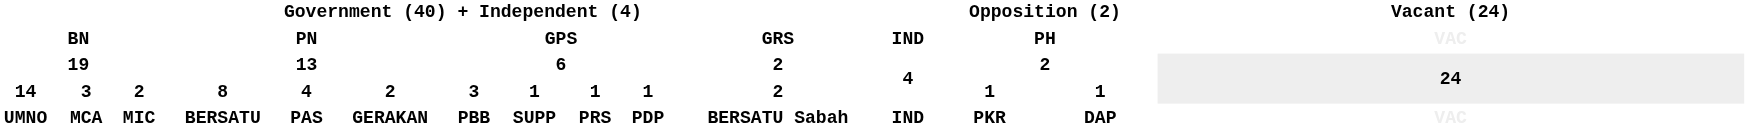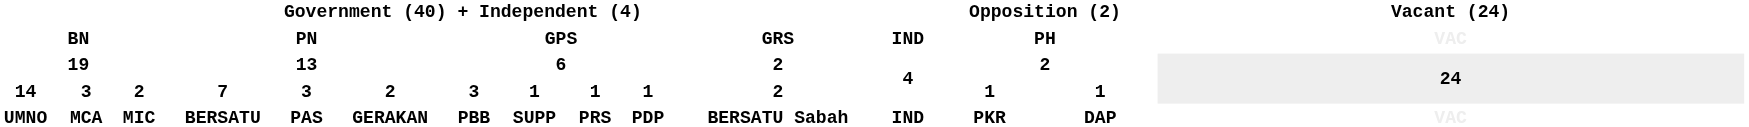 <table style="width:100%; text-align:center;">
 <tr>
 <th colspan="12">Government (40) + Independent (4)</th>
 <th colspan="2">Opposition (2)</th>
 <th>Vacant (24)</th>
 </tr>
 <tr>
 <th colspan="3" align="centre" style="color:">BN</th>
 <th colspan="3" align="centre" style="color:">PN</th>
 <th colspan="4" align="centre" style="color:">GPS</th>
 <th align="centre" style="color:">GRS</th>
 <th align="centre" style="color:"><span>IND</span></th>
 <th colspan="2" align="centre" style="color:">PH</th>
 <th align="centre" style="color:#EEEEEE;">VAC</th>
 </tr>
 <tr>
 <td colspan="3" align="center" style="background:"><strong>19</strong></td>
 <td colspan="3" align="center" style="background:"><strong>13</strong></td>
 <td colspan="4" align="center" style="background:"><strong>6</strong></td>
 <td align="center" style="background:"><strong>2</strong></td>
 <td rowspan="2" align="center" style="background:"><strong>4</strong></td>
 <td colspan="2" align="center" style="background:"><strong>2</strong></td>
 <td rowspan="2" align="center" style="background:#EEEEEE; color:black;width:34.29%;"><strong>24</strong></td>
 </tr>
 <tr>
 <td align="center" style="background:"><strong>14</strong></td>
 <td align="center" style="background:"><strong>3</strong></td>
 <td align="center" style="background:"><strong>2</strong></td>
-<td align="center" style="background:"><strong>8</strong></td>
-<td align="center" style="background:"><strong>4</strong></td>
+<td align="center" style="background:"><strong>7</strong></td>
+<td align="center" style="background:"><strong>3</strong></td>
 <td align="center" style="background:"><strong>2</strong></td>
 <td align="center" style="background:"><strong>3</strong></td>
 <td align="center" style="background:"><strong>1</strong></td>
 <td align="center" style="background:"><strong>1</strong></td>
 <td align="center" style="background:"><strong>1</strong></td>
 <td align="center" style="background:"><strong>2</strong></td>
 <td align="center" style="background:"><strong>1</strong></td>
 <td align="center" style="background:"><strong>1</strong></td>
 </tr>
 <tr>
 <th align="centre" style="color:">UMNO</th>
 <th align="centre" style="color:">MCA</th>
 <th align="centre" style="color:">MIC</th>
 <th align="centre" style="color:">BERSATU</th>
 <th align="centre" style="color:">PAS</th>
 <th align="centre" style="color:">GERAKAN</th>
 <th align="centre" style="color:">PBB</th>
 <th align="centre" style="color:">SUPP</th>
 <th align="centre" style="color:">PRS</th>
 <th align="centre" style="color:">PDP</th>
 <th align="centre" style="color:">BERSATU Sabah</th>
 <th align="centre" style="color:"><span>IND</span></th>
 <th align="centre" style="color:">PKR</th>
 <th align="centre" style="color:">DAP</th>
 <th align="centre" style="color:#EEEEEE;">VAC</th>
 </tr>
 </table>
